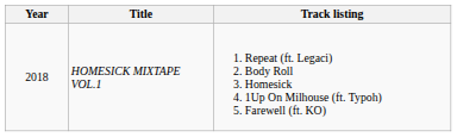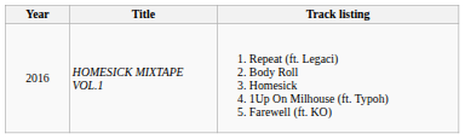 <table class="wikitable">
 <tr>
 <th style="width:5em;">Year</th>
 <th style="width:12em;">Title</th>
 <th style="width:20em;">Track listing</th>
 </tr>
 <tr>
-<td align=center>2018</td>
+<td align=center>2016</td>
 <td><em>HOMESICK MIXTAPE VOL.1</em></td>
 <td><br><ol><li>Repeat (ft. Legaci)</li><li>Body Roll</li><li>Homesick</li><li>1Up On Milhouse (ft. Typoh)</li><li>Farewell (ft. KO)</li></ol></td>
 </tr>
 </table>
